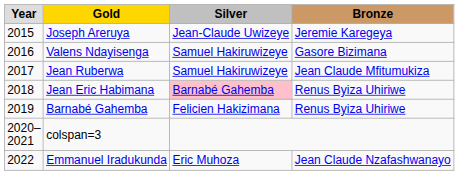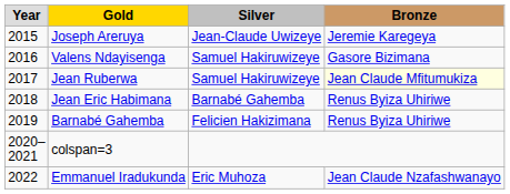 <table class="wikitable sortable alternance" style="font-size:95%">
 <tr>
 <td style="background:#DDDDDD; font-weight:bold; text-align:center;">Year</td>
 <td style="background:gold; font-weight:bold; text-align:center;">Gold</td>
 <td style="background:silver; font-weight:bold; text-align:center;">Silver</td>
 <td style="background:#cc9966; font-weight:bold; text-align:center;">Bronze</td>
 </tr>
 <tr>
 <td>2015</td>
 <td><a href='#'>Joseph Areruya</a></td>
 <td><a href='#'>Jean-Claude Uwizeye</a></td>
 <td><a href='#'>Jeremie Karegeya</a></td>
 </tr>
 <tr>
 <td>2016</td>
 <td><a href='#'>Valens Ndayisenga</a></td>
 <td><a href='#'>Samuel Hakiruwizeye</a></td>
 <td><a href='#'>Gasore Bizimana</a></td>
 </tr>
 <tr>
 <td>2017</td>
 <td><a href='#'>Jean Ruberwa</a></td>
 <td><a href='#'>Samuel Hakiruwizeye</a></td>
-<td><a href='#'>Jean Claude Mfitumukiza</a></td>
+<td style="background: lightyellow;"><a href='#'>Jean Claude Mfitumukiza</a></td>
 </tr>
 <tr>
 <td>2018</td>
 <td><a href='#'>Jean Eric Habimana</a></td>
-<td style="background: pink;"><a href='#'>Barnabé Gahemba</a></td>
+<td><a href='#'>Barnabé Gahemba</a></td>
 <td><a href='#'>Renus Byiza Uhiriwe</a></td>
 </tr>
 <tr>
 <td>2019</td>
 <td><a href='#'>Barnabé Gahemba</a></td>
 <td><a href='#'>Felicien Hakizimana</a></td>
 <td><a href='#'>Renus Byiza Uhiriwe</a></td>
 </tr>
 <tr>
 <td>2020–<br>2021</td>
 <td>colspan=3 </td>
 </tr>
 <tr>
 <td>2022</td>
 <td><a href='#'>Emmanuel Iradukunda</a></td>
 <td><a href='#'>Eric Muhoza</a></td>
 <td><a href='#'>Jean Claude Nzafashwanayo</a></td>
 </tr>
 </table>
